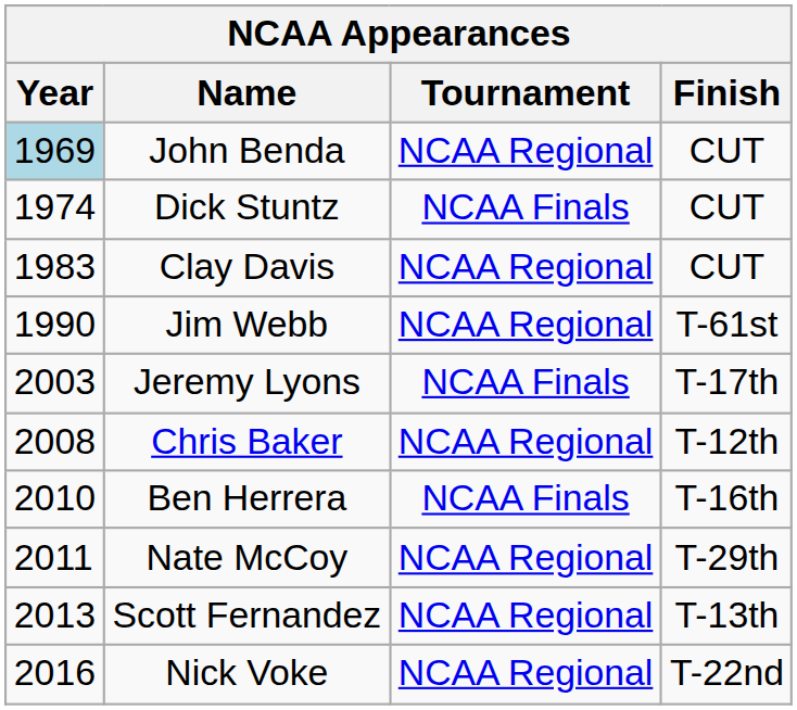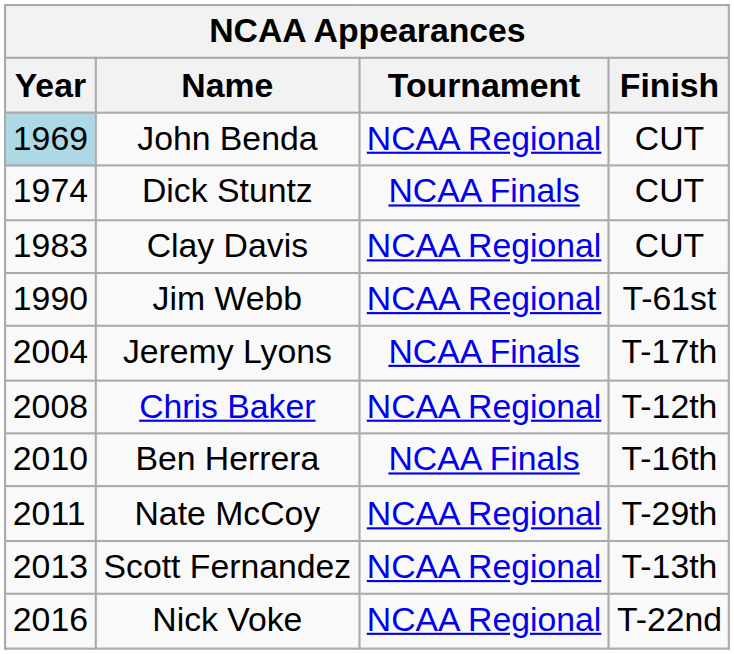 <table class="wikitable">
 <tr>
 <th colspan="4">NCAA Appearances</th>
 </tr>
 <tr>
 <th scope="col">Year</th>
 <th scope="col">Name</th>
 <th scope="col">Tournament</th>
 <th scope="col">Finish</th>
 </tr>
 <tr>
 <td style="background: lightblue;">1969</td>
 <td style="text-align: center;">John Benda</td>
 <td style="text-align: center;"><a href='#'>NCAA Regional</a></td>
 <td style="text-align: center;">CUT</td>
 </tr>
 <tr>
 <td>1974</td>
 <td style="text-align: center;">Dick Stuntz</td>
 <td style="text-align: center;"><a href='#'>NCAA Finals</a></td>
 <td style="text-align: center;">CUT</td>
 </tr>
 <tr>
 <td>1983</td>
 <td style="text-align: center;">Clay Davis</td>
 <td style="text-align: center;"><a href='#'>NCAA Regional</a></td>
 <td style="text-align: center;">CUT</td>
 </tr>
 <tr>
 <td>1990</td>
 <td style="text-align: center;">Jim Webb</td>
 <td style="text-align: center;"><a href='#'>NCAA Regional</a></td>
 <td style="text-align: center;">T-61st</td>
 </tr>
 <tr>
-<td>2003</td>
+<td>2004</td>
 <td style="text-align: center;">Jeremy Lyons</td>
 <td style="text-align: center;"><a href='#'>NCAA Finals</a></td>
 <td style="text-align: center;">T-17th</td>
 </tr>
 <tr>
 <td>2008</td>
 <td style="text-align: center;"><a href='#'>Chris Baker</a></td>
 <td style="text-align: center;"><a href='#'>NCAA Regional</a></td>
 <td style="text-align: center;">T-12th</td>
 </tr>
 <tr>
 <td>2010</td>
 <td style="text-align: center;">Ben Herrera</td>
 <td style="text-align: center;"><a href='#'>NCAA Finals</a></td>
 <td style="text-align: center;">T-16th</td>
 </tr>
 <tr>
 <td>2011</td>
 <td style="text-align: center;">Nate McCoy</td>
 <td style="text-align: center;"><a href='#'>NCAA Regional</a></td>
 <td style="text-align: center;">T-29th</td>
 </tr>
 <tr>
 <td>2013</td>
 <td style="text-align: center;">Scott Fernandez</td>
 <td style="text-align: center;"><a href='#'>NCAA Regional</a></td>
 <td style="text-align: center;">T-13th</td>
 </tr>
 <tr>
 <td>2016</td>
 <td style="text-align: center;">Nick Voke</td>
 <td style="text-align: center;"><a href='#'>NCAA Regional</a></td>
 <td style="text-align: center;">T-22nd</td>
 </tr>
 </table>
